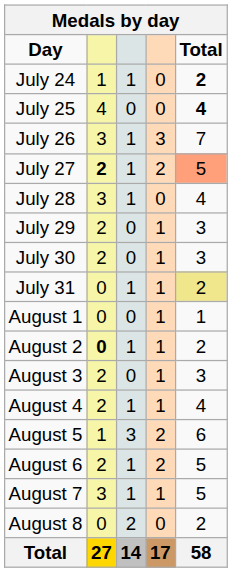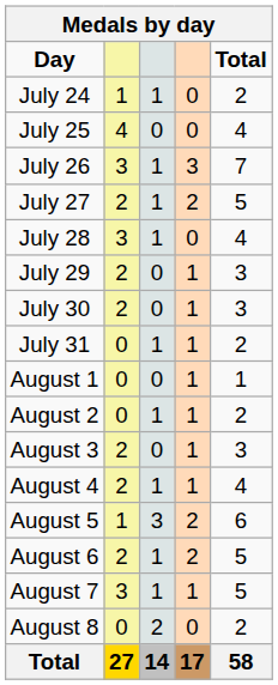 <table class="wikitable" style="font-size:95%; float:right">
 <tr align=center>
 <th colspan=7>Medals by day</th>
 </tr>
 <tr align=center>
 <td><strong>Day</strong></td>
 <td style="background:#f7f6a8;"></td>
 <td style="background:#dce5e5;"></td>
 <td style="background:#ffdab9;"></td>
 <td><strong>Total</strong></td>
 </tr>
 <tr align=center>
 <td>July 24</td>
 <td style="background:#f7f6a8;">1</td>
 <td style="background:#dce5e5;">1</td>
 <td style="background:#ffdab9;">0</td>
-<td><strong>2</strong></td>
+<td>2</td>
 </tr>
 <tr align=center>
 <td>July 25</td>
 <td style="background:#f7f6a8;">4</td>
 <td style="background:#dce5e5;">0</td>
 <td style="background:#ffdab9;">0</td>
-<td><strong>4</strong></td>
+<td>4</td>
 </tr>
 <tr align=center>
 <td>July 26</td>
 <td style="background:#f7f6a8;">3</td>
 <td style="background:#dce5e5;">1</td>
 <td style="background:#ffdab9;">3</td>
 <td>7</td>
 </tr>
 <tr align=center>
 <td>July 27</td>
-<td style="background:#f7f6a8;"><strong>2</strong></td>
+<td style="background:#f7f6a8;">2</td>
 <td style="background:#dce5e5;">1</td>
 <td style="background:#ffdab9;">2</td>
-<td style="background: lightsalmon;">5</td>
+<td>5</td>
 </tr>
 <tr align=center>
 <td>July 28</td>
 <td style="background:#f7f6a8;">3</td>
 <td style="background:#dce5e5;">1</td>
 <td style="background:#ffdab9;">0</td>
 <td>4</td>
 </tr>
 <tr align=center>
 <td>July 29</td>
 <td style="background:#f7f6a8;">2</td>
 <td style="background:#dce5e5;">0</td>
 <td style="background:#ffdab9;">1</td>
 <td>3</td>
 </tr>
 <tr align=center>
 <td>July 30</td>
 <td style="background:#f7f6a8;">2</td>
 <td style="background:#dce5e5;">0</td>
 <td style="background:#ffdab9;">1</td>
 <td>3</td>
 </tr>
 <tr align=center>
 <td>July 31</td>
 <td style="background:#f7f6a8;">0</td>
 <td style="background:#dce5e5;">1</td>
 <td style="background:#ffdab9;">1</td>
-<td style="background: khaki;">2</td>
+<td>2</td>
 </tr>
 <tr align=center>
 <td>August 1</td>
 <td style="background:#f7f6a8;">0</td>
 <td style="background:#dce5e5;">0</td>
 <td style="background:#ffdab9;">1</td>
 <td>1</td>
 </tr>
 <tr align=center>
 <td>August 2</td>
-<td style="background:#f7f6a8;"><strong>0</strong></td>
+<td style="background:#f7f6a8;">0</td>
 <td style="background:#dce5e5;">1</td>
 <td style="background:#ffdab9;">1</td>
 <td>2</td>
 </tr>
 <tr align=center>
 <td>August 3</td>
 <td style="background:#f7f6a8;">2</td>
 <td style="background:#dce5e5;">0</td>
 <td style="background:#ffdab9;">1</td>
 <td>3</td>
 </tr>
 <tr align=center>
 <td>August 4</td>
 <td style="background:#f7f6a8;">2</td>
 <td style="background:#dce5e5;">1</td>
 <td style="background:#ffdab9;">1</td>
 <td>4</td>
 </tr>
 <tr align=center>
 <td>August 5</td>
 <td style="background:#f7f6a8;">1</td>
 <td style="background:#dce5e5;">3</td>
 <td style="background:#ffdab9;">2</td>
 <td>6</td>
 </tr>
 <tr align=center>
 <td>August 6</td>
 <td style="background:#f7f6a8;">2</td>
 <td style="background:#dce5e5;">1</td>
 <td style="background:#ffdab9;">2</td>
 <td>5</td>
 </tr>
 <tr align=center>
 <td>August 7</td>
 <td style="background:#f7f6a8;">3</td>
 <td style="background:#dce5e5;">1</td>
 <td style="background:#ffdab9;">1</td>
 <td>5</td>
 </tr>
 <tr align=center>
 <td>August 8</td>
 <td style="background:#f7f6a8;">0</td>
 <td style="background:#dce5e5;">2</td>
 <td style="background:#ffdab9;">0</td>
 <td>2</td>
 </tr>
 <tr align=center>
 <th>Total</th>
 <th style="background:gold;">27</th>
 <th style="background:silver;">14</th>
 <th style="background:#c96;">17</th>
 <th>58</th>
 </tr>
 </table>
